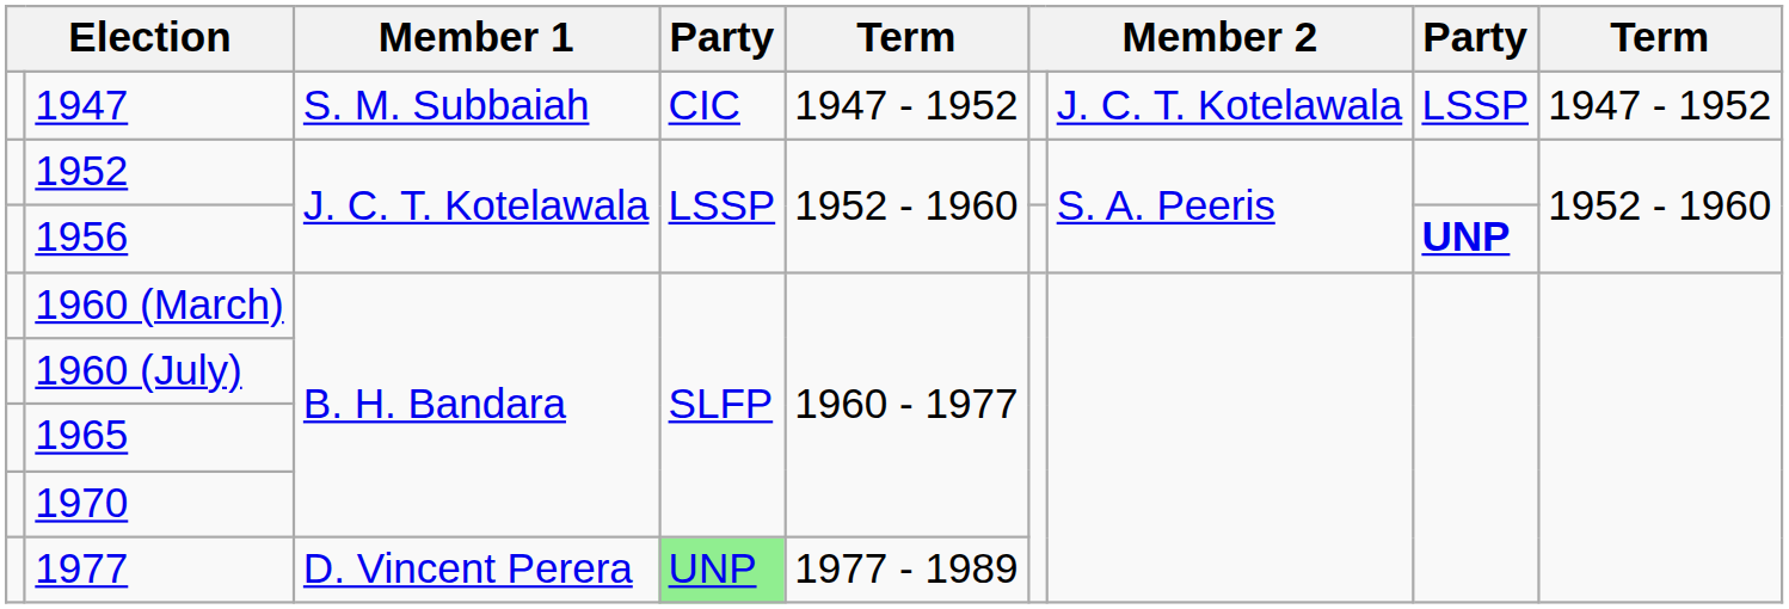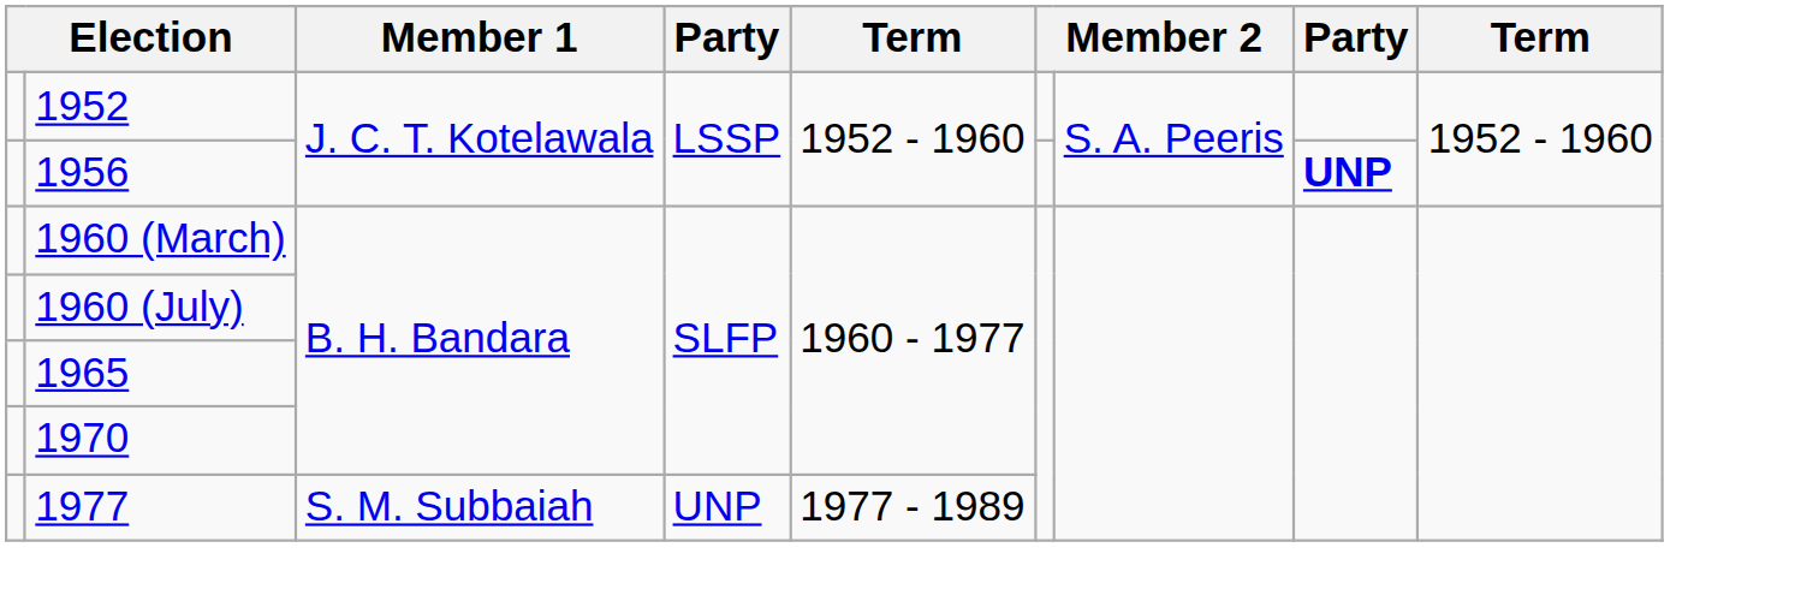 <table class="wikitable">
 <tr>
 <th colspan="2">Election</th>
 <th>Member 1</th>
 <th>Party</th>
 <th>Term</th>
 <th colspan="2">Member 2</th>
 <th>Party</th>
 <th>Term</th>
-</tr>
-<tr>
-<td style="background-color: "></td>
-<td><a href='#'>1947</a></td>
-<td><a href='#'>S. M. Subbaiah</a></td>
-<td><a href='#'>CIC</a></td>
-<td>1947 - 1952</td>
-<td style="background-color: "></td>
-<td><a href='#'>J. C. T. Kotelawala</a></td>
-<td><a href='#'>LSSP</a></td>
-<td>1947 - 1952</td>
 </tr>
 <tr>
 <td style="background-color: "></td>
 <td><a href='#'>1952</a></td>
 <td rowspan=2><a href='#'>J. C. T. Kotelawala</a></td>
 <td rowspan=2><a href='#'>LSSP</a></td>
 <td rowspan=2>1952 - 1960</td>
 <td style="background-color: "></td>
 <td rowspan=2><a href='#'>S. A. Peeris</a></td>
 <td></td>
 <td rowspan=2>1952 - 1960</td>
 </tr>
 <tr>
 <td style="background-color: "></td>
 <td><a href='#'>1956</a></td>
 <td style="background-color: "></td>
 <td><strong><a href='#'>UNP</a></strong></td>
 </tr>
 <tr>
 <td style="background-color: "></td>
 <td><a href='#'>1960 (March)</a></td>
 <td rowspan=4><a href='#'>B. H. Bandara</a></td>
 <td rowspan=4><a href='#'>SLFP</a></td>
 <td rowspan=4>1960 - 1977</td>
 <td rowspan=5></td>
 <td rowspan=5></td>
 <td rowspan=5></td>
 <td rowspan=5></td>
 </tr>
 <tr>
 <td style="background-color: "></td>
 <td><a href='#'>1960 (July)</a></td>
 </tr>
 <tr>
 <td style="background-color: "></td>
 <td><a href='#'>1965</a></td>
 </tr>
 <tr>
 <td style="background-color: "></td>
 <td><a href='#'>1970</a></td>
 </tr>
 <tr>
 <td style="background-color: "></td>
 <td><a href='#'>1977</a></td>
-<td><a href='#'>D. Vincent Perera</a></td>
-<td style="background: lightgreen;"><a href='#'>UNP</a></td>
+<td><a href='#'>S. M. Subbaiah</a></td>
+<td><a href='#'>UNP</a></td>
 <td>1977 - 1989</td>
 </tr>
 </table>
